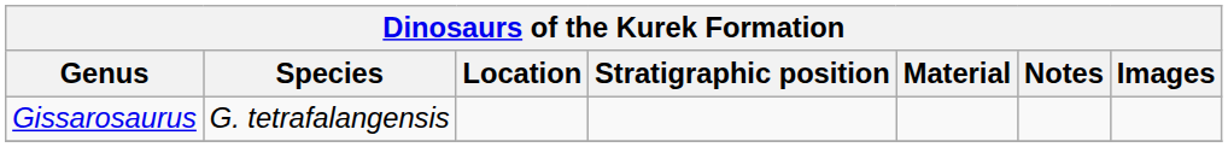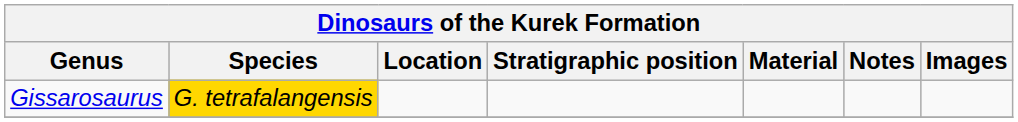 <table class="wikitable" align="center">
 <tr>
 <th colspan="7" align="center"><a href='#'>Dinosaurs</a> of the Kurek Formation</th>
 </tr>
 <tr>
 <th>Genus</th>
 <th>Species</th>
 <th>Location</th>
 <th>Stratigraphic position</th>
 <th>Material</th>
 <th>Notes</th>
 <th>Images</th>
 </tr>
 <tr>
 <td><em><a href='#'>Gissarosaurus</a></em></td>
-<td><em>G. tetrafalangensis</em></td>
+<td style="background: gold;"><em>G. tetrafalangensis</em></td>
 <td></td>
 <td></td>
 <td></td>
 <td></td>
 <td></td>
 </tr>
 <tr>
 </tr>
 </table>
